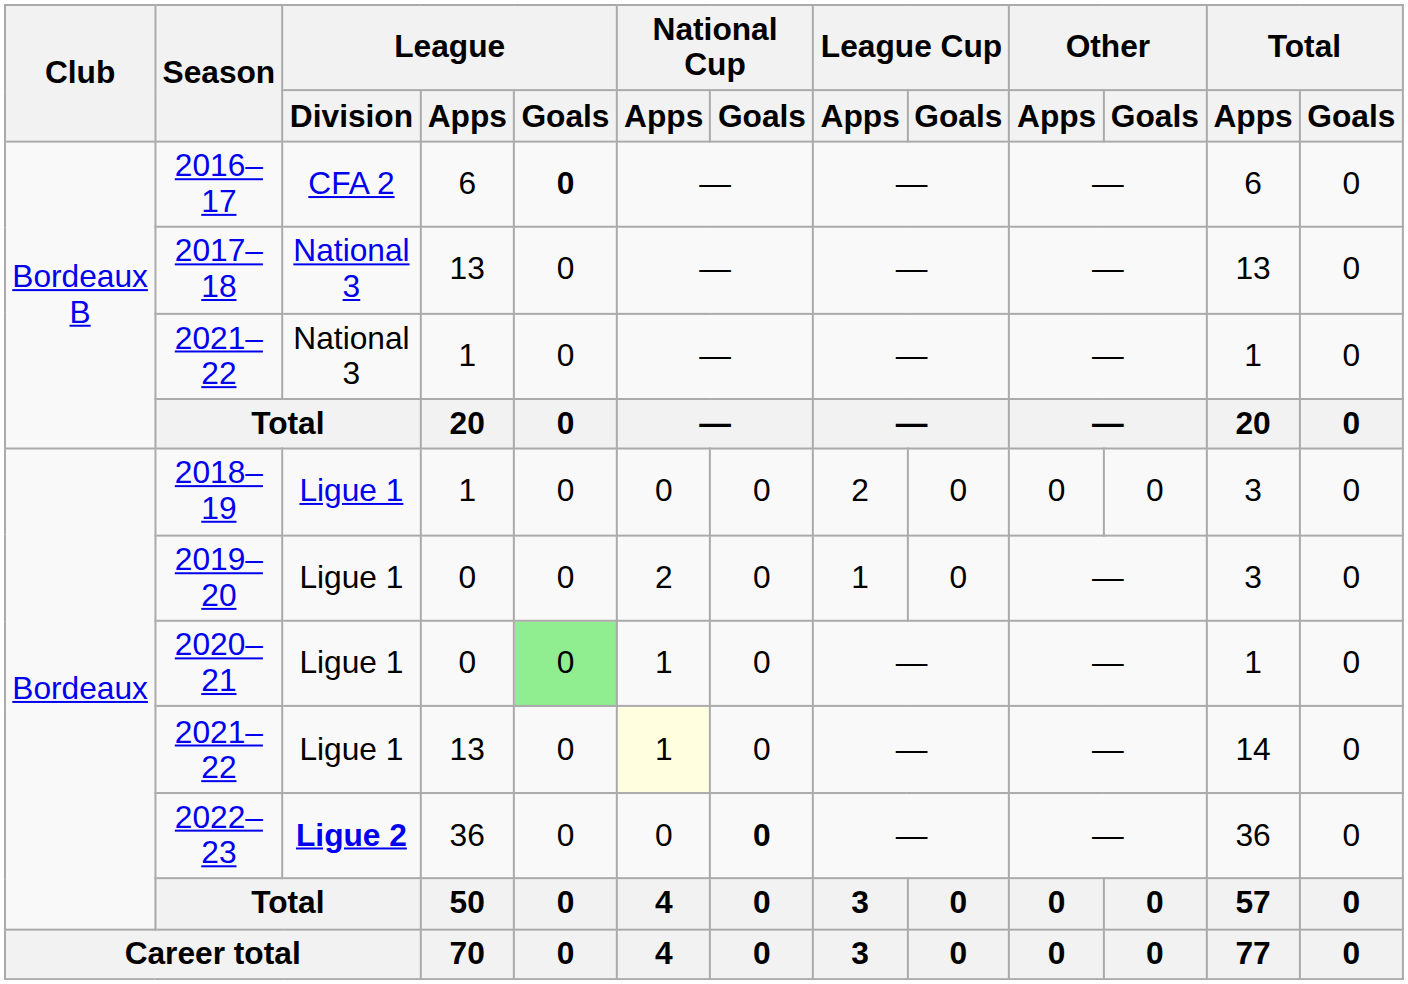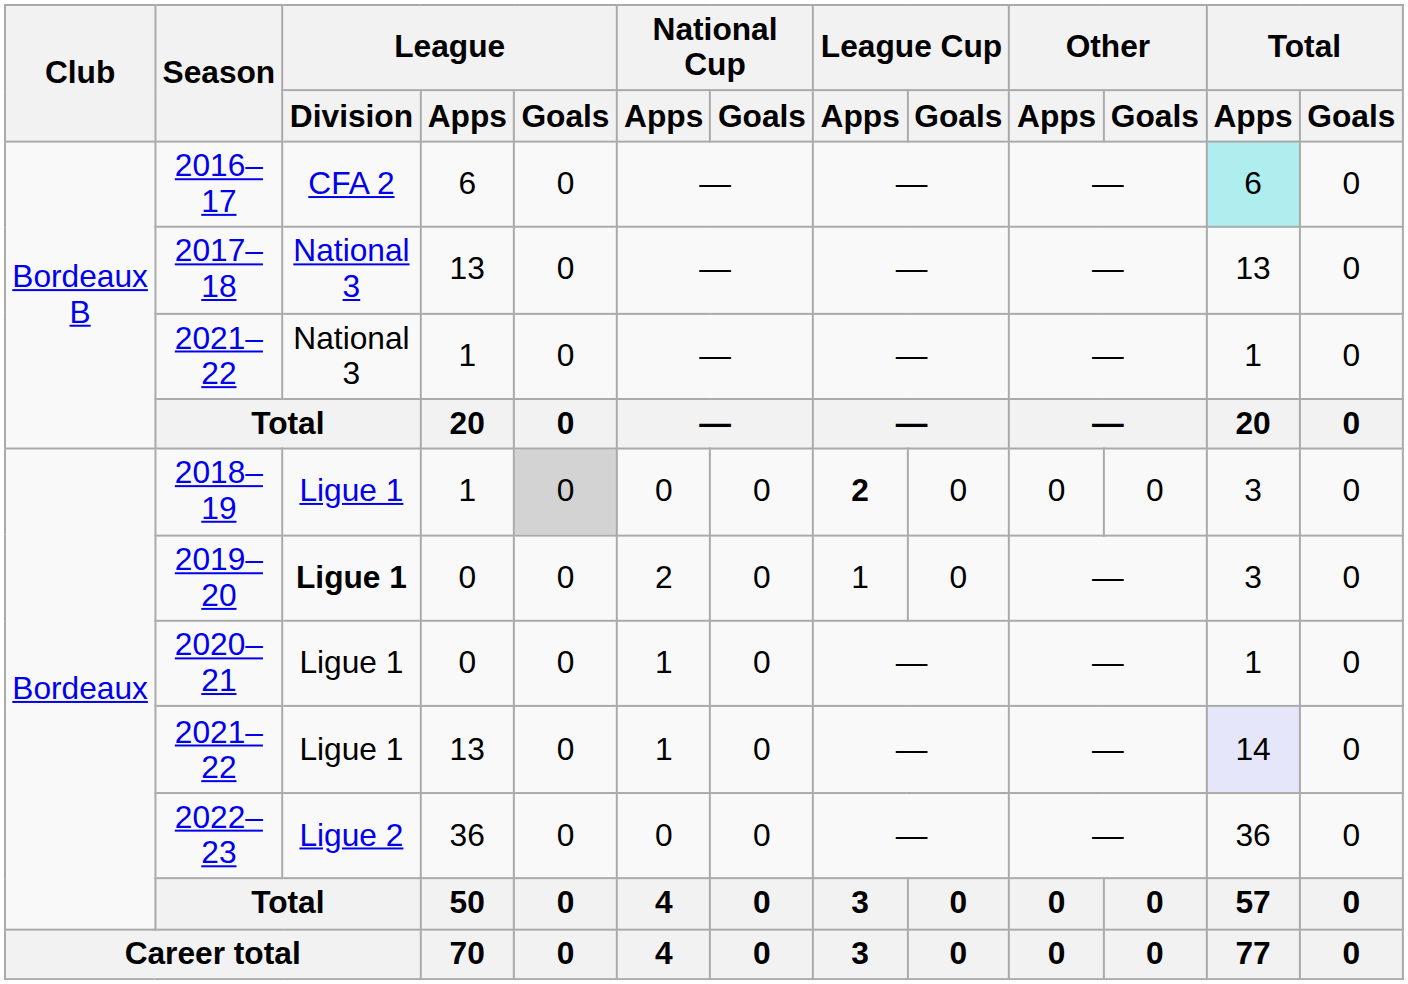 <table class="wikitable" style="text-align:center">
 <tr>
 <th rowspan="2">Club</th>
 <th rowspan="2">Season</th>
 <th colspan="3">League</th>
 <th colspan="2">National Cup</th>
 <th colspan="2">League Cup</th>
 <th colspan="2">Other</th>
 <th colspan="2">Total</th>
 </tr>
 <tr>
 <th>Division</th>
 <th>Apps</th>
 <th>Goals</th>
 <th>Apps</th>
 <th>Goals</th>
 <th>Apps</th>
 <th>Goals</th>
 <th>Apps</th>
 <th>Goals</th>
 <th>Apps</th>
 <th>Goals</th>
 </tr>
 <tr>
 <td rowspan="4"><a href='#'>Bordeaux B</a></td>
 <td><a href='#'>2016–17</a></td>
 <td><a href='#'>CFA 2</a></td>
 <td>6</td>
-<td><strong>0</strong></td>
+<td>0</td>
 <td colspan="2">—</td>
 <td colspan="2">—</td>
 <td colspan="2">—</td>
-<td>6</td>
+<td style="background: paleturquoise;">6</td>
 <td>0</td>
 </tr>
 <tr>
 <td><a href='#'>2017–18</a></td>
 <td><a href='#'>National 3</a></td>
 <td>13</td>
 <td>0</td>
 <td colspan="2">—</td>
 <td colspan="2">—</td>
 <td colspan="2">—</td>
 <td>13</td>
 <td>0</td>
 </tr>
 <tr>
 <td><a href='#'>2021–22</a></td>
 <td>National 3</td>
 <td>1</td>
 <td>0</td>
 <td colspan="2">—</td>
 <td colspan="2">—</td>
 <td colspan="2">—</td>
 <td>1</td>
 <td>0</td>
 </tr>
 <tr>
 <th colspan="2">Total</th>
 <th>20</th>
 <th>0</th>
 <th colspan="2">—</th>
 <th colspan="2">—</th>
 <th colspan="2">—</th>
 <th>20</th>
 <th>0</th>
 </tr>
 <tr>
 <td rowspan="6"><a href='#'>Bordeaux</a></td>
 <td><a href='#'>2018–19</a></td>
 <td><a href='#'>Ligue 1</a></td>
 <td>1</td>
+<td style="background: lightgrey;">0</td>
 <td>0</td>
 <td>0</td>
-<td>0</td>
-<td>2</td>
+<td><strong>2</strong></td>
 <td>0</td>
 <td>0</td>
 <td>0</td>
 <td>3</td>
 <td>0</td>
 </tr>
 <tr>
 <td><a href='#'>2019–20</a></td>
-<td>Ligue 1</td>
+<td><strong>Ligue 1</strong></td>
 <td>0</td>
 <td>0</td>
 <td>2</td>
 <td>0</td>
 <td>1</td>
 <td>0</td>
 <td colspan="2">—</td>
 <td>3</td>
 <td>0</td>
 </tr>
 <tr>
 <td><a href='#'>2020–21</a></td>
 <td>Ligue 1</td>
 <td>0</td>
-<td style="background: lightgreen;">0</td>
+<td>0</td>
 <td>1</td>
 <td>0</td>
 <td colspan="2">—</td>
 <td colspan="2">—</td>
 <td>1</td>
 <td>0</td>
 </tr>
 <tr>
 <td><a href='#'>2021–22</a></td>
 <td>Ligue 1</td>
 <td>13</td>
 <td>0</td>
-<td style="background: lightyellow;">1</td>
+<td>1</td>
 <td>0</td>
 <td colspan="2">—</td>
 <td colspan="2">—</td>
-<td>14</td>
+<td style="background: lavender;">14</td>
 <td>0</td>
 </tr>
 <tr>
 <td><a href='#'>2022–23</a></td>
-<td><strong><a href='#'>Ligue 2</a></strong></td>
+<td><a href='#'>Ligue 2</a></td>
 <td>36</td>
 <td>0</td>
 <td>0</td>
-<td><strong>0</strong></td>
+<td>0</td>
 <td colspan="2">—</td>
 <td colspan="2">—</td>
 <td>36</td>
 <td>0</td>
 </tr>
 <tr>
 <th colspan="2">Total</th>
 <th>50</th>
 <th>0</th>
 <th>4</th>
 <th>0</th>
 <th>3</th>
 <th>0</th>
 <th>0</th>
 <th>0</th>
 <th>57</th>
 <th>0</th>
 </tr>
 <tr>
 <th colspan="3">Career total</th>
 <th>70</th>
 <th>0</th>
 <th>4</th>
 <th>0</th>
 <th>3</th>
 <th>0</th>
 <th>0</th>
 <th>0</th>
 <th>77</th>
 <th>0</th>
 </tr>
 </table>
